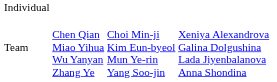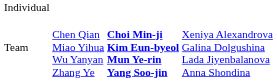 <table>
 <tr>
 <td>Individual<br></td>
 <td></td>
 <td></td>
 <td></td>
 </tr>
 <tr>
 <td>Team<br></td>
 <td><br><a href='#'>Chen Qian</a><br><a href='#'>Miao Yihua</a><br><a href='#'>Wu Yanyan</a><br><a href='#'>Zhang Ye</a></td>
-<td><br><a href='#'>Choi Min-ji</a><br><a href='#'>Kim Eun-byeol</a><br><a href='#'>Mun Ye-rin</a><br><a href='#'>Yang Soo-jin</a></td>
+<td><strong><br><a href='#'>Choi Min-ji</a><br><a href='#'>Kim Eun-byeol</a><br><a href='#'>Mun Ye-rin</a><br><a href='#'>Yang Soo-jin</a></strong></td>
 <td><br><a href='#'>Xeniya Alexandrova</a><br><a href='#'>Galina Dolgushina</a><br><a href='#'>Lada Jiyenbalanova</a><br><a href='#'>Anna Shondina</a></td>
 </tr>
 </table>
